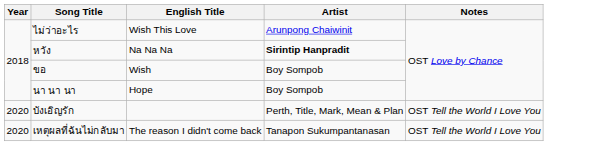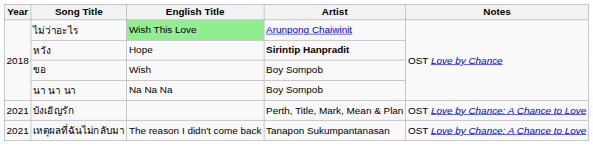 <table class="wikitable">
 <tr>
 <th>Year</th>
 <th>Song Title</th>
 <th>English Title</th>
 <th>Artist</th>
 <th>Notes</th>
 </tr>
 <tr>
 <td rowspan="4" style="text-align: center;">2018</td>
 <td>ไม่ว่าอะไร</td>
-<td>Wish This Love</td>
+<td style="background: lightgreen;">Wish This Love</td>
 <td><a href='#'>Arunpong Chaiwinit</a></td>
 <td rowspan="4">OST <em><a href='#'>Love by Chance</a></em></td>
 </tr>
 <tr>
 <td>หวัง</td>
-<td>Na Na Na</td>
+<td>Hope</td>
 <td><strong>Sirintip Hanpradit</strong></td>
 </tr>
 <tr>
 <td>ขอ</td>
 <td>Wish</td>
 <td>Boy Sompob</td>
 </tr>
 <tr>
 <td>นา นา นา</td>
-<td>Hope</td>
+<td>Na Na Na</td>
 <td>Boy Sompob</td>
 </tr>
 <tr>
-<td style="text-align: center;">2020</td>
+<td style="text-align: center;">2021</td>
 <td>บังเอิญรัก</td>
 <td></td>
 <td>Perth, Title, Mark, Mean & Plan</td>
-<td>OST <em>Tell the World I Love You</em></td>
+<td>OST <a href='#'><em>Love by Chance: A Chance to Love</em></a></td>
 </tr>
 <tr>
-<td rowspan="1" style="text-align: center;">2020</td>
+<td rowspan="1" style="text-align: center;">2021</td>
 <td>เหตุผลที่ฉันไม่กลับมา​</td>
 <td>The reason I didn't come back</td>
 <td>Tanapon Sukumpantanasan</td>
-<td>OST <em>Tell the World I Love You</em></td>
+<td>OST <a href='#'><em>Love by Chance: A Chance to Love</em></a></td>
 </tr>
 </table>
